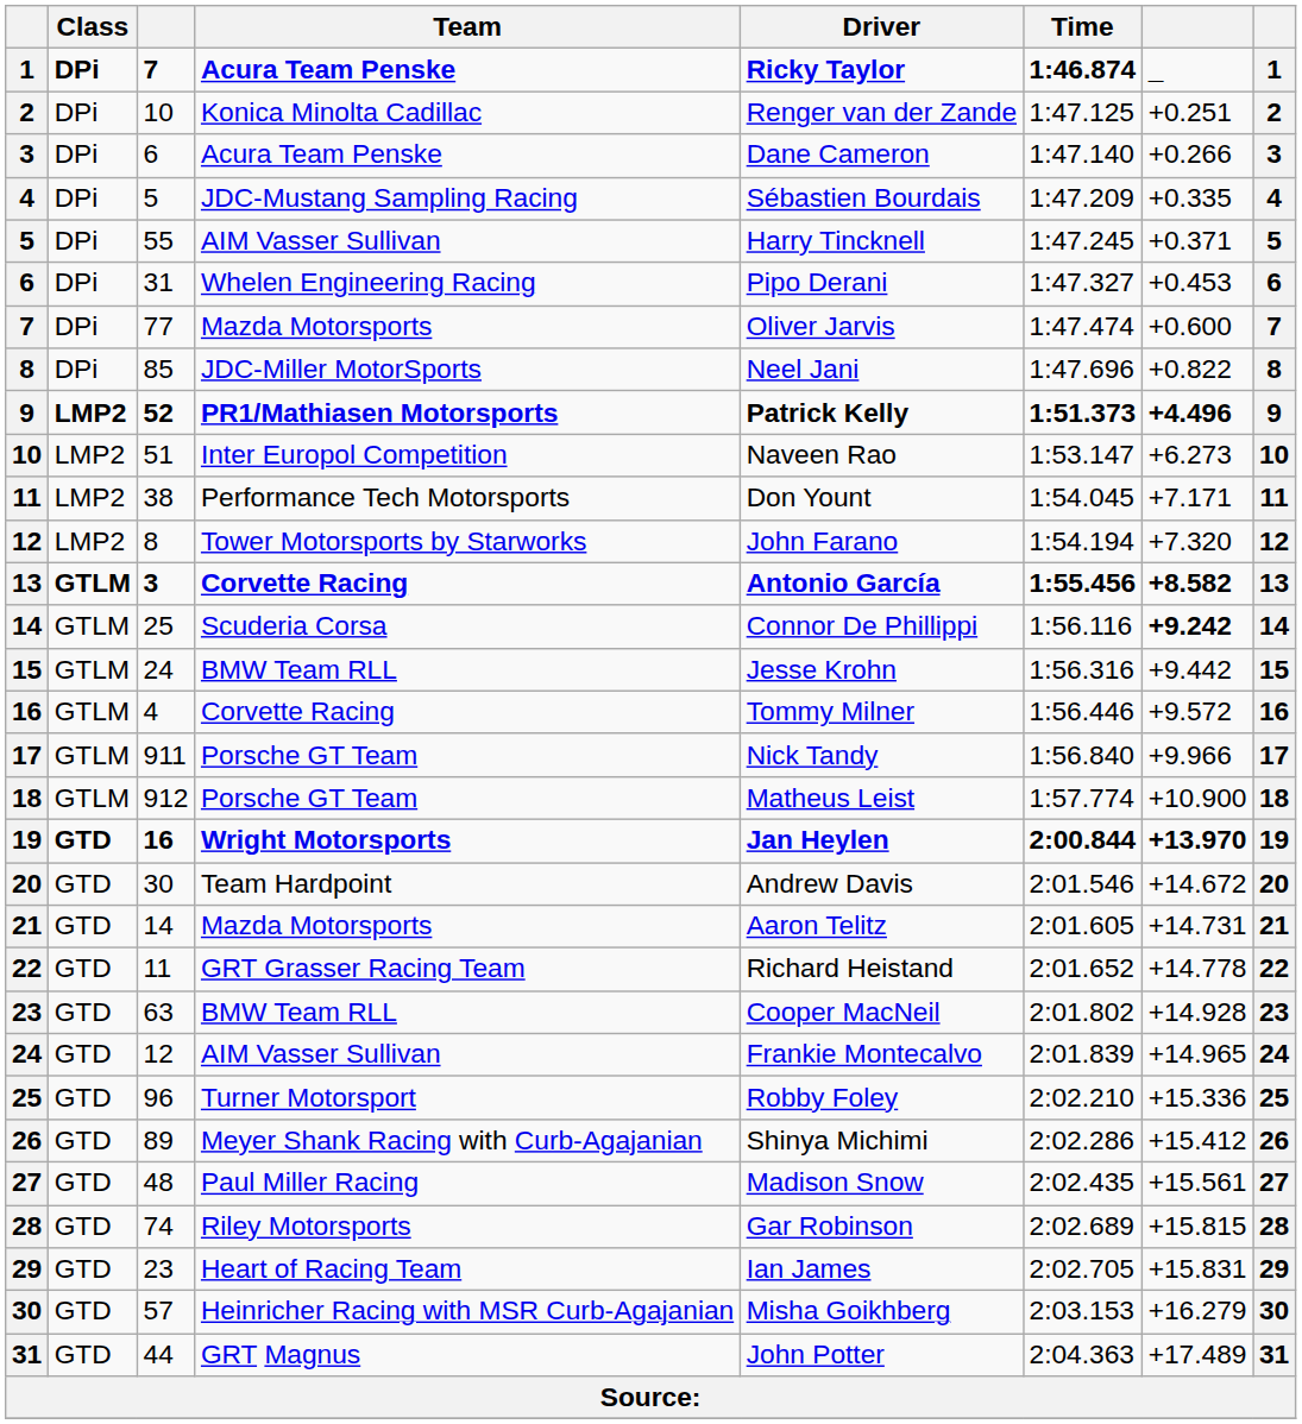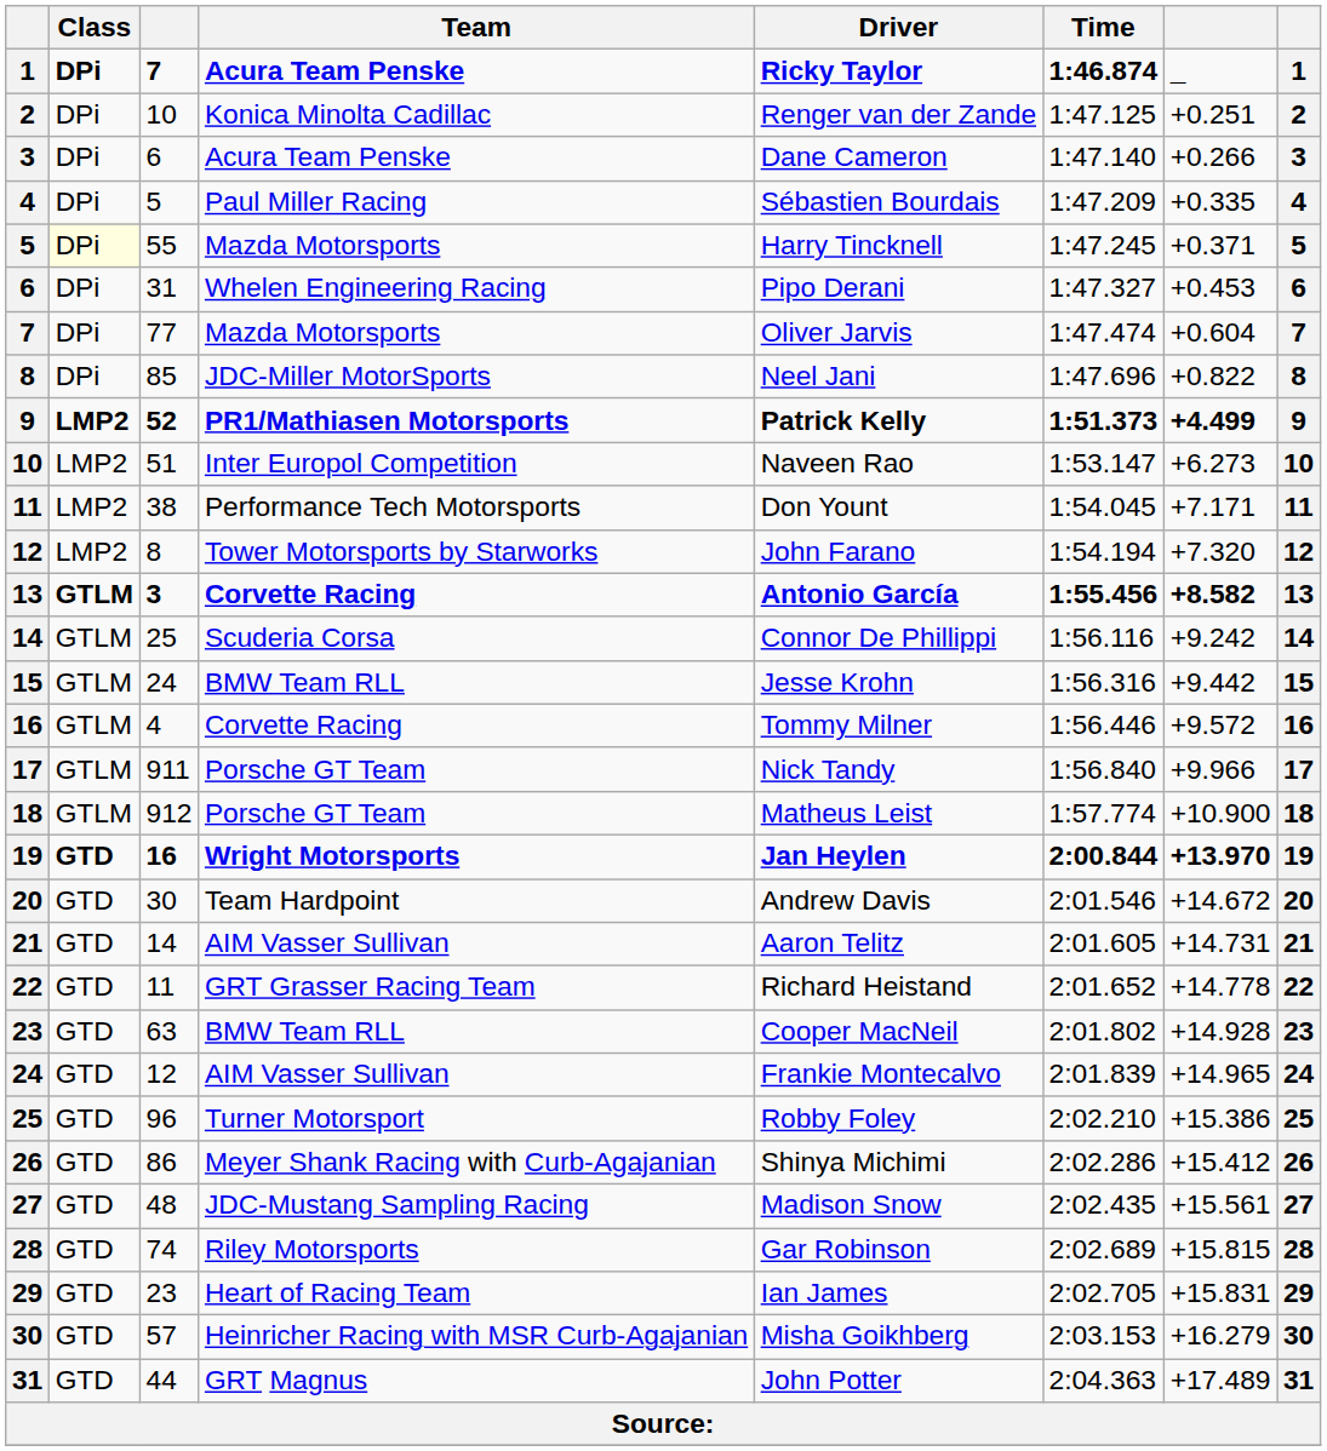 <table class="wikitable">
 <tr>
 <th scope="col"></th>
 <th scope="col">Class</th>
 <th scope="col"></th>
 <th scope="col">Team</th>
 <th scope="col">Driver</th>
 <th scope="col">Time</th>
 <th scope="col"></th>
 <th scope="col"></th>
 </tr>
 <tr style="font-weight:bold">
 <th scope="row">1</th>
 <td>DPi</td>
 <td>7</td>
 <td> <a href='#'>Acura Team Penske</a></td>
 <td> <a href='#'>Ricky Taylor</a></td>
 <td>1:46.874</td>
 <td>_</td>
 <th>1</th>
 </tr>
 <tr>
 <th scope="row">2</th>
 <td>DPi</td>
 <td>10</td>
 <td> <a href='#'>Konica Minolta Cadillac</a></td>
 <td> <a href='#'>Renger van der Zande</a></td>
 <td>1:47.125</td>
 <td>+0.251</td>
 <th>2</th>
 </tr>
 <tr>
 <th scope="row">3</th>
 <td>DPi</td>
 <td>6</td>
 <td> <a href='#'>Acura Team Penske</a></td>
 <td> <a href='#'>Dane Cameron</a></td>
 <td>1:47.140</td>
 <td>+0.266</td>
 <th>3</th>
 </tr>
 <tr>
 <th scope="row">4</th>
 <td>DPi</td>
 <td>5</td>
-<td> <a href='#'>JDC-Mustang Sampling Racing</a></td>
+<td> <a href='#'>Paul Miller Racing</a></td>
 <td> <a href='#'>Sébastien Bourdais</a></td>
 <td>1:47.209</td>
 <td>+0.335</td>
 <th>4</th>
 </tr>
 <tr>
 <th scope="row">5</th>
-<td>DPi</td>
+<td style="background: lightyellow;">DPi</td>
 <td>55</td>
-<td> <a href='#'>AIM Vasser Sullivan</a></td>
+<td> <a href='#'>Mazda Motorsports</a></td>
 <td> <a href='#'>Harry Tincknell</a></td>
 <td>1:47.245</td>
 <td>+0.371</td>
 <th>5</th>
 </tr>
 <tr>
 <th scope="row">6</th>
 <td>DPi</td>
 <td>31</td>
 <td> <a href='#'>Whelen Engineering Racing</a></td>
 <td> <a href='#'>Pipo Derani</a></td>
 <td>1:47.327</td>
 <td>+0.453</td>
 <th>6</th>
 </tr>
 <tr>
 <th scope="row">7</th>
 <td>DPi</td>
 <td>77</td>
 <td> <a href='#'>Mazda Motorsports</a></td>
 <td> <a href='#'>Oliver Jarvis</a></td>
 <td>1:47.474</td>
-<td>+0.600</td>
+<td>+0.604</td>
 <th>7</th>
 </tr>
 <tr>
 <th scope="row">8</th>
 <td>DPi</td>
 <td>85</td>
 <td> <a href='#'>JDC-Miller MotorSports</a></td>
 <td> <a href='#'>Neel Jani</a></td>
 <td>1:47.696</td>
 <td>+0.822</td>
 <th>8</th>
 </tr>
 <tr style="font-weight:bold">
 <th scope="row">9</th>
 <td>LMP2</td>
 <td>52</td>
 <td> <a href='#'>PR1/Mathiasen Motorsports</a></td>
 <td> Patrick Kelly</td>
 <td>1:51.373</td>
-<td>+4.496</td>
+<td>+4.499</td>
 <th>9</th>
 </tr>
 <tr>
 <th scope="row">10</th>
 <td>LMP2</td>
 <td>51</td>
 <td> <a href='#'>Inter Europol Competition</a></td>
 <td> Naveen Rao</td>
 <td>1:53.147</td>
 <td>+6.273</td>
 <th>10</th>
 </tr>
 <tr>
 <th scope="row">11</th>
 <td>LMP2</td>
 <td>38</td>
 <td> Performance Tech Motorsports</td>
 <td> Don Yount</td>
 <td>1:54.045</td>
 <td>+7.171</td>
 <th><strong>11</strong></th>
 </tr>
 <tr>
 <th scope="row">12</th>
 <td>LMP2</td>
 <td>8</td>
 <td> <a href='#'>Tower Motorsports by Starworks</a></td>
 <td> <a href='#'>John Farano</a></td>
 <td>1:54.194</td>
 <td>+7.320</td>
 <th>12</th>
 </tr>
 <tr style="font-weight:bold">
 <th scope="row">13</th>
 <td>GTLM</td>
 <td>3</td>
 <td> <a href='#'>Corvette Racing</a></td>
 <td> <a href='#'>Antonio García</a></td>
 <td>1:55.456</td>
 <td>+8.582</td>
 <th>13</th>
 </tr>
 <tr>
 <th scope="row">14</th>
 <td>GTLM</td>
 <td>25</td>
 <td> <a href='#'>Scuderia Corsa</a></td>
 <td> <a href='#'>Connor De Phillippi</a></td>
 <td>1:56.116</td>
-<td><strong>+9.242</strong></td>
+<td>+9.242</td>
 <th>14</th>
 </tr>
 <tr>
 <th scope="row">15</th>
 <td>GTLM</td>
 <td>24</td>
 <td> <a href='#'>BMW Team RLL</a></td>
 <td> <a href='#'>Jesse Krohn</a></td>
 <td>1:56.316</td>
 <td>+9.442</td>
 <th>15</th>
 </tr>
 <tr>
 <th scope="row">16</th>
 <td>GTLM</td>
 <td>4</td>
 <td> <a href='#'>Corvette Racing</a></td>
 <td> <a href='#'>Tommy Milner</a></td>
 <td>1:56.446</td>
 <td>+9.572</td>
 <th>16</th>
 </tr>
 <tr>
 <th scope="row">17</th>
 <td>GTLM</td>
 <td>911</td>
 <td> <a href='#'>Porsche GT Team</a></td>
 <td> <a href='#'>Nick Tandy</a></td>
 <td>1:56.840</td>
 <td>+9.966</td>
 <th>17</th>
 </tr>
 <tr>
 <th scope="row">18</th>
 <td>GTLM</td>
 <td>912</td>
 <td> <a href='#'>Porsche GT Team</a></td>
 <td> <a href='#'>Matheus Leist</a></td>
 <td>1:57.774</td>
 <td>+10.900</td>
 <th>18</th>
 </tr>
 <tr style="font-weight:bold">
 <th scope="row">19</th>
 <td>GTD</td>
 <td>16</td>
 <td> <a href='#'>Wright Motorsports</a></td>
 <td> <a href='#'>Jan Heylen</a></td>
 <td>2:00.844</td>
 <td>+13.970</td>
 <th>19</th>
 </tr>
 <tr>
 <th scope="row">20</th>
 <td>GTD</td>
 <td>30</td>
 <td> Team Hardpoint</td>
 <td> Andrew Davis</td>
 <td>2:01.546</td>
 <td>+14.672</td>
 <th>20</th>
 </tr>
 <tr>
 <th scope="row">21</th>
 <td>GTD</td>
 <td>14</td>
-<td> <a href='#'>Mazda Motorsports</a></td>
+<td> <a href='#'>AIM Vasser Sullivan</a></td>
 <td> <a href='#'>Aaron Telitz</a></td>
 <td>2:01.605</td>
 <td>+14.731</td>
 <th>21</th>
 </tr>
 <tr>
 <th scope="row">22</th>
 <td>GTD</td>
 <td>11</td>
 <td> <a href='#'>GRT Grasser Racing Team</a></td>
 <td> Richard Heistand</td>
 <td>2:01.652</td>
 <td>+14.778</td>
 <th><strong>22</strong></th>
 </tr>
 <tr>
 <th scope="row">23</th>
 <td>GTD</td>
 <td>63</td>
 <td> <a href='#'>BMW Team RLL</a></td>
 <td> <a href='#'>Cooper MacNeil</a></td>
 <td>2:01.802</td>
 <td>+14.928</td>
 <th>23</th>
 </tr>
 <tr>
 <th scope="row">24</th>
 <td>GTD</td>
 <td>12</td>
 <td> <a href='#'>AIM Vasser Sullivan</a></td>
 <td> <a href='#'>Frankie Montecalvo</a></td>
 <td>2:01.839</td>
 <td>+14.965</td>
 <th>24</th>
 </tr>
 <tr>
 <th scope="row">25</th>
 <td>GTD</td>
 <td>96</td>
 <td> <a href='#'>Turner Motorsport</a></td>
 <td> <a href='#'>Robby Foley</a></td>
 <td>2:02.210</td>
-<td>+15.336</td>
+<td>+15.386</td>
 <th>25</th>
 </tr>
 <tr>
 <th scope="row">26</th>
 <td>GTD</td>
-<td>89</td>
+<td>86</td>
 <td> <a href='#'>Meyer Shank Racing</a> with <a href='#'>Curb-Agajanian</a></td>
 <td> Shinya Michimi</td>
 <td>2:02.286</td>
 <td>+15.412</td>
 <th>26</th>
 </tr>
 <tr>
 <th scope="row">27</th>
 <td>GTD</td>
 <td>48</td>
-<td> <a href='#'>Paul Miller Racing</a></td>
+<td> <a href='#'>JDC-Mustang Sampling Racing</a></td>
 <td> <a href='#'>Madison Snow</a></td>
 <td>2:02.435</td>
 <td>+15.561</td>
 <th>27</th>
 </tr>
 <tr>
 <th scope="row">28</th>
 <td>GTD</td>
 <td>74</td>
 <td> <a href='#'>Riley Motorsports</a></td>
 <td> <a href='#'>Gar Robinson</a></td>
 <td>2:02.689</td>
 <td>+15.815</td>
 <th>28</th>
 </tr>
 <tr>
 <th scope="row">29</th>
 <td>GTD</td>
 <td>23</td>
 <td> <a href='#'>Heart of Racing Team</a></td>
 <td> <a href='#'>Ian James</a></td>
 <td>2:02.705</td>
 <td>+15.831</td>
 <th>29</th>
 </tr>
 <tr>
 <th scope="row">30</th>
 <td>GTD</td>
 <td>57</td>
 <td> <a href='#'>Heinricher Racing with MSR Curb-Agajanian</a></td>
 <td> <a href='#'>Misha Goikhberg</a></td>
 <td>2:03.153</td>
 <td>+16.279</td>
 <th>30</th>
 </tr>
 <tr>
 <th scope="row">31</th>
 <td>GTD</td>
 <td>44</td>
 <td> <a href='#'>GRT</a> <a href='#'>Magnus</a></td>
 <td> <a href='#'>John Potter</a></td>
 <td>2:04.363</td>
 <td>+17.489</td>
 <th>31</th>
 </tr>
 <tr>
 <th colspan="8">Source:</th>
 </tr>
 <tr>
 </tr>
 </table>
